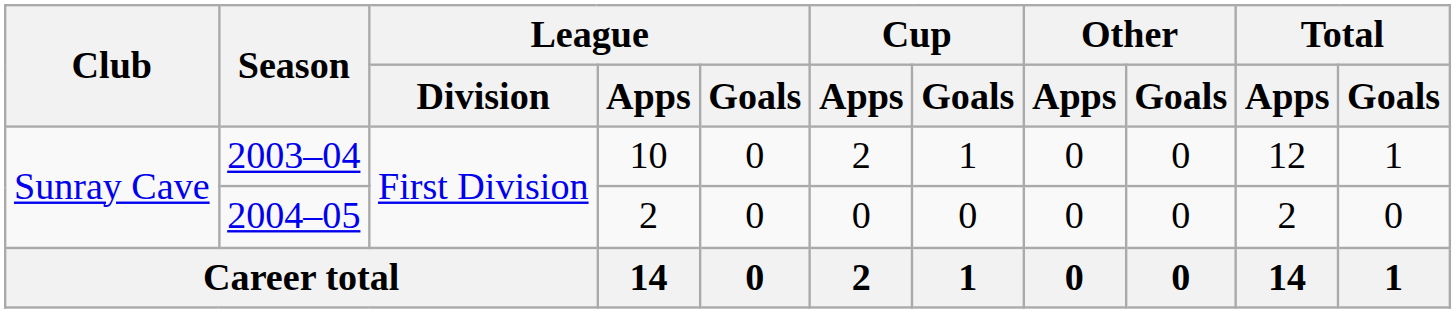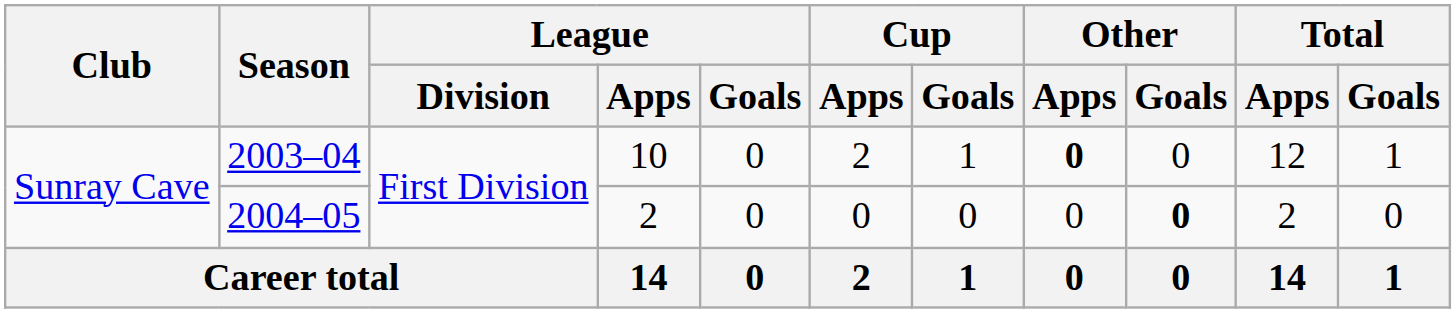 <table class="wikitable" style="text-align: center">
 <tr>
 <th rowspan="2">Club</th>
 <th rowspan="2">Season</th>
 <th colspan="3">League</th>
 <th colspan="2">Cup</th>
 <th colspan="2">Other</th>
 <th colspan="2">Total</th>
 </tr>
 <tr>
 <th>Division</th>
 <th>Apps</th>
 <th>Goals</th>
 <th>Apps</th>
 <th>Goals</th>
 <th>Apps</th>
 <th>Goals</th>
 <th>Apps</th>
 <th>Goals</th>
 </tr>
 <tr>
 <td rowspan="2"><a href='#'>Sunray Cave</a></td>
 <td><a href='#'>2003–04</a></td>
 <td rowspan="2"><a href='#'>First Division</a></td>
 <td>10</td>
 <td>0</td>
 <td>2</td>
 <td>1</td>
-<td>0</td>
+<td><strong>0</strong></td>
 <td>0</td>
 <td>12</td>
 <td>1</td>
 </tr>
 <tr>
 <td><a href='#'>2004–05</a></td>
 <td>2</td>
 <td>0</td>
 <td>0</td>
 <td>0</td>
 <td>0</td>
-<td>0</td>
+<td><strong>0</strong></td>
 <td>2</td>
 <td>0</td>
 </tr>
 <tr>
 <th colspan=3>Career total</th>
 <th>14</th>
 <th>0</th>
 <th>2</th>
 <th>1</th>
 <th>0</th>
 <th>0</th>
 <th>14</th>
 <th>1</th>
 </tr>
 </table>
